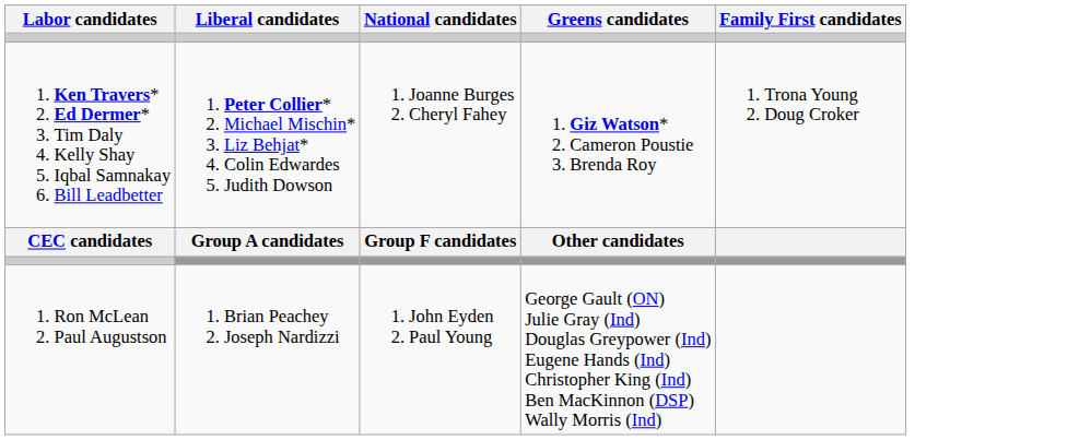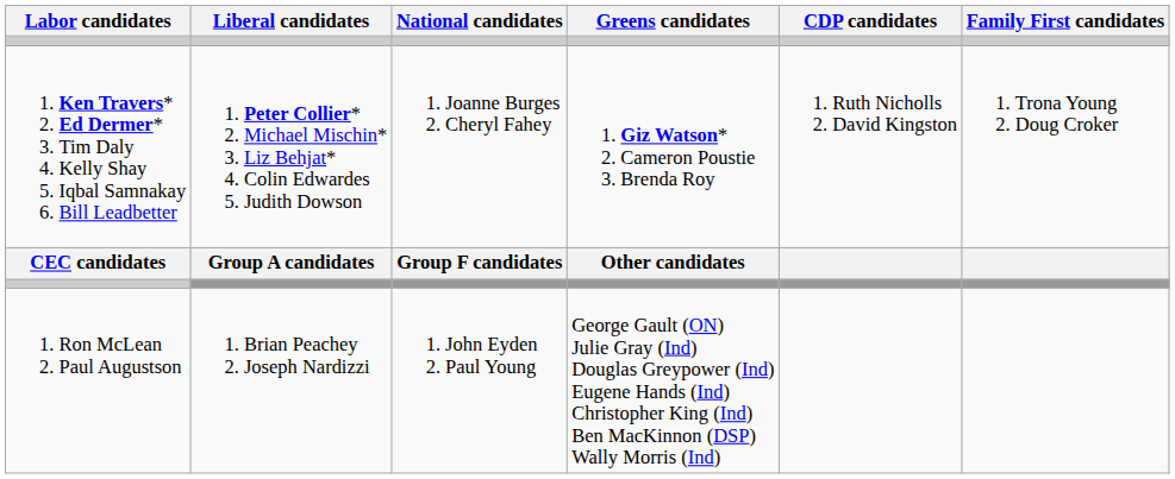 <table class="wikitable">
 <tr>
 <th><a href='#'>Labor</a> candidates</th>
 <th><a href='#'>Liberal</a> candidates</th>
 <th><a href='#'>National</a> candidates</th>
 <th><a href='#'>Greens</a> candidates</th>
+<th><a href='#'>CDP</a> candidates</th>
 <th><a href='#'>Family First</a> candidates</th>
 </tr>
 <tr bgcolor="#cccccc">
+<td></td>
 <td></td>
 <td></td>
 <td></td>
 <td></td>
 <td></td>
 </tr>
 <tr>
 <td><br><ol><li><strong><a href='#'>Ken Travers</a></strong>*</li><li><strong><a href='#'>Ed Dermer</a></strong>*</li><li>Tim Daly</li><li>Kelly Shay</li><li>Iqbal Samnakay</li><li><a href='#'>Bill Leadbetter</a></li></ol></td>
 <td><br><ol><li><strong><a href='#'>Peter Collier</a></strong>*</li><li><a href='#'>Michael Mischin</a>*</li><li><a href='#'>Liz Behjat</a>*</li><li>Colin Edwardes</li><li>Judith Dowson</li></ol></td>
 <td valign=top><br><ol><li>Joanne Burges</li><li>Cheryl Fahey</li></ol></td>
 <td><br><ol><li><strong><a href='#'>Giz Watson</a></strong>*</li><li>Cameron Poustie</li><li>Brenda Roy</li></ol></td>
+<td valign=top><br><ol><li>Ruth Nicholls</li><li>David Kingston</li></ol></td>
 <td valign=top><br><ol><li>Trona Young</li><li>Doug Croker</li></ol></td>
 </tr>
 <tr bgcolor="#cccccc">
 <th><a href='#'>CEC</a> candidates</th>
 <th>Group A candidates</th>
 <th>Group F candidates</th>
 <th>Other candidates</th>
 <th></th>
+<th></th>
 </tr>
 <tr bgcolor="#cccccc">
 <td></td>
+<td bgcolor="#999999"></td>
 <td bgcolor="#999999"></td>
 <td bgcolor="#999999"></td>
 <td bgcolor="#999999"></td>
 <td bgcolor="#999999"></td>
 </tr>
 <tr>
 <td valign=top><br><ol><li>Ron McLean</li><li>Paul Augustson</li></ol></td>
 <td valign=top><br><ol><li>Brian Peachey</li><li>Joseph Nardizzi</li></ol></td>
 <td valign=top><br><ol><li>John Eyden</li><li>Paul Young</li></ol></td>
 <td valign=top><br>George Gault (<a href='#'>ON</a>) <br> Julie Gray (<a href='#'>Ind</a>) <br> Douglas Greypower (<a href='#'>Ind</a>) <br> Eugene Hands (<a href='#'>Ind</a>) <br> Christopher King (<a href='#'>Ind</a>) <br> Ben MacKinnon (<a href='#'>DSP</a>) <br> Wally Morris (<a href='#'>Ind</a>)</td>
 <td valign=top></td>
+<td valign=top></td>
 </tr>
 </table>
